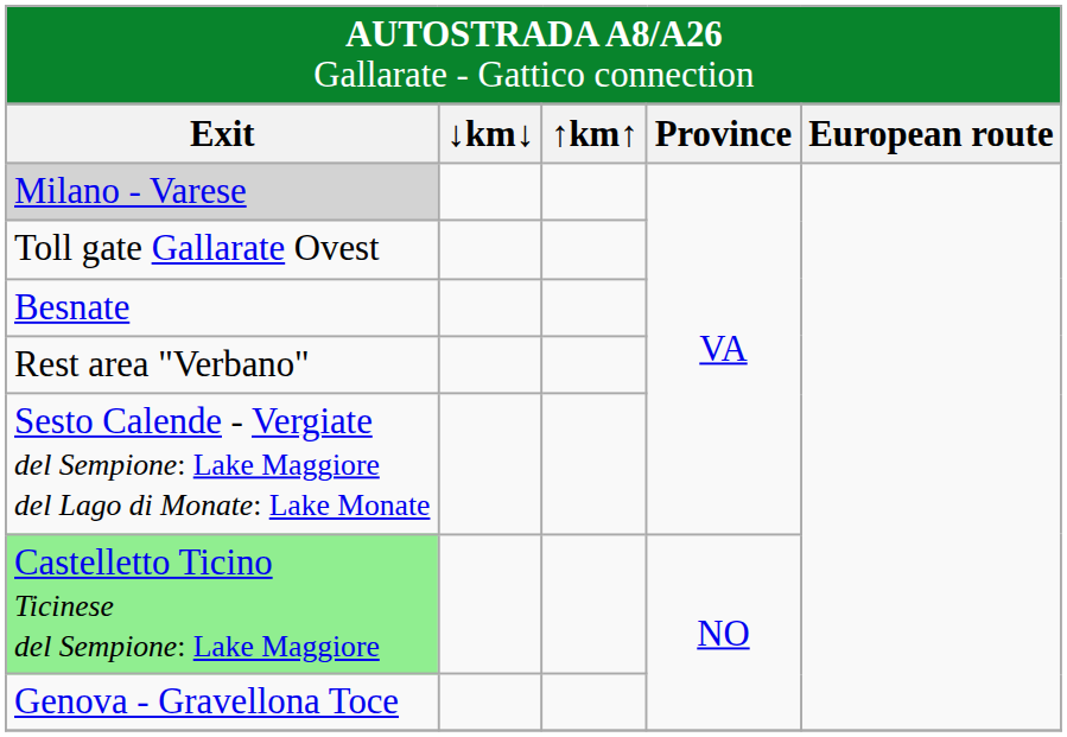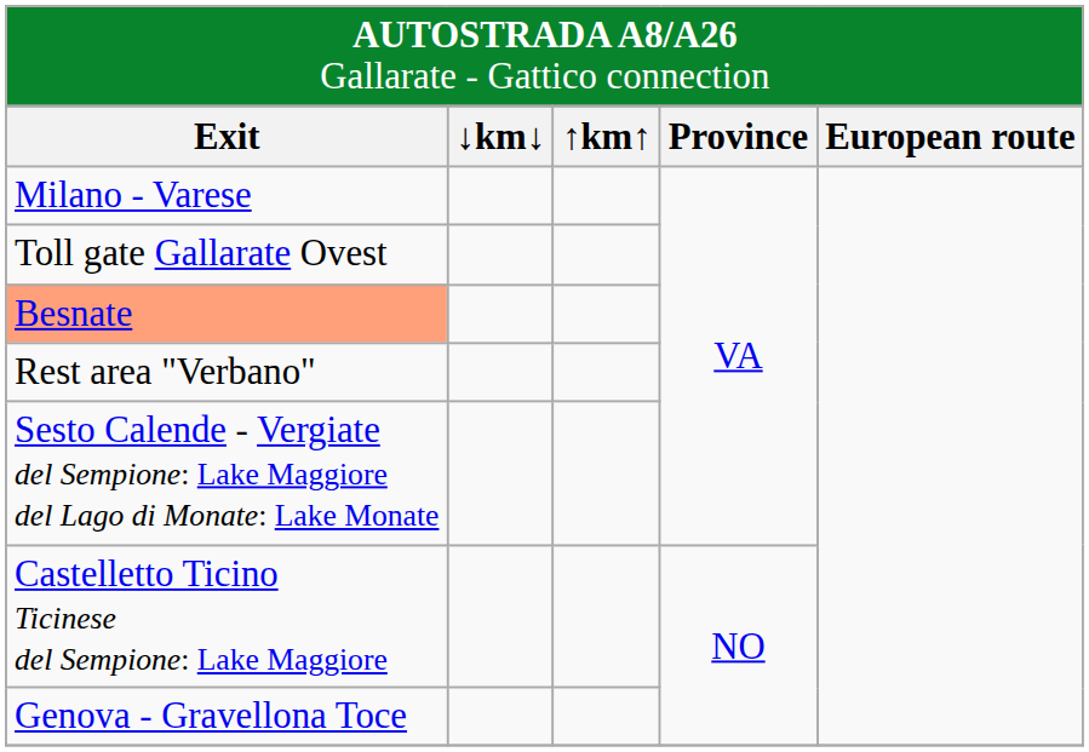 <table class="wikitable">
 <tr align="center" style="color: white;font-size:100%;" bgcolor="#08842c">
 <td colspan="6"><strong> AUTOSTRADA A8/A26</strong><br>Gallarate - Gattico connection</td>
 </tr>
 <tr>
 </tr>
 <tr>
 <th><strong>Exit</strong></th>
 <th align="center"><strong>↓km↓</strong></th>
 <th align="center"><strong>↑km↑</strong></th>
 <th align="center"><strong>Province</strong></th>
 <th align="center"><strong>European route</strong></th>
 </tr>
 <tr>
-<td style="background: lightgrey;">  <a href='#'>Milano - Varese</a></td>
+<td>  <a href='#'>Milano - Varese</a></td>
 <td align="right"></td>
 <td align="right"></td>
 <td rowspan=5 align="center"><a href='#'>VA</a></td>
 <td rowspan=7 align="center"></td>
 </tr>
 <tr>
 <td> Toll gate <a href='#'>Gallarate</a> Ovest</td>
 <td align="right"></td>
 <td align="right"></td>
 </tr>
 <tr>
-<td> <a href='#'>Besnate</a></td>
+<td style="background: lightsalmon;"> <a href='#'>Besnate</a></td>
 <td align="right"></td>
 <td align="right"></td>
 </tr>
 <tr>
 <td>  Rest area "Verbano"</td>
 <td align="right"></td>
 <td align="right"></td>
 </tr>
 <tr>
 <td> <a href='#'>Sesto Calende</a> - <a href='#'>Vergiate</a><br><small>  <em>del Sempione</em>:  <a href='#'>Lake Maggiore</a><br> <em>del Lago di Monate</em>:  <a href='#'>Lake Monate</a></small></td>
 <td align="right"></td>
 <td align="right"></td>
 </tr>
 <tr>
-<td style="background: lightgreen;"> <a href='#'>Castelletto Ticino</a><br><small>  <em>Ticinese</em><br> <em>del Sempione</em>:  <a href='#'>Lake Maggiore</a> </small></td>
+<td> <a href='#'>Castelletto Ticino</a><br><small>  <em>Ticinese</em><br> <em>del Sempione</em>:  <a href='#'>Lake Maggiore</a> </small></td>
 <td align="right"></td>
 <td align="right"></td>
 <td rowspan=2 align="center"><a href='#'>NO</a></td>
 </tr>
 <tr>
 <td>  <a href='#'>Genova - Gravellona Toce</a></td>
 <td align="right"></td>
 <td align="right"></td>
 </tr>
 <tr>
 </tr>
 </table>
